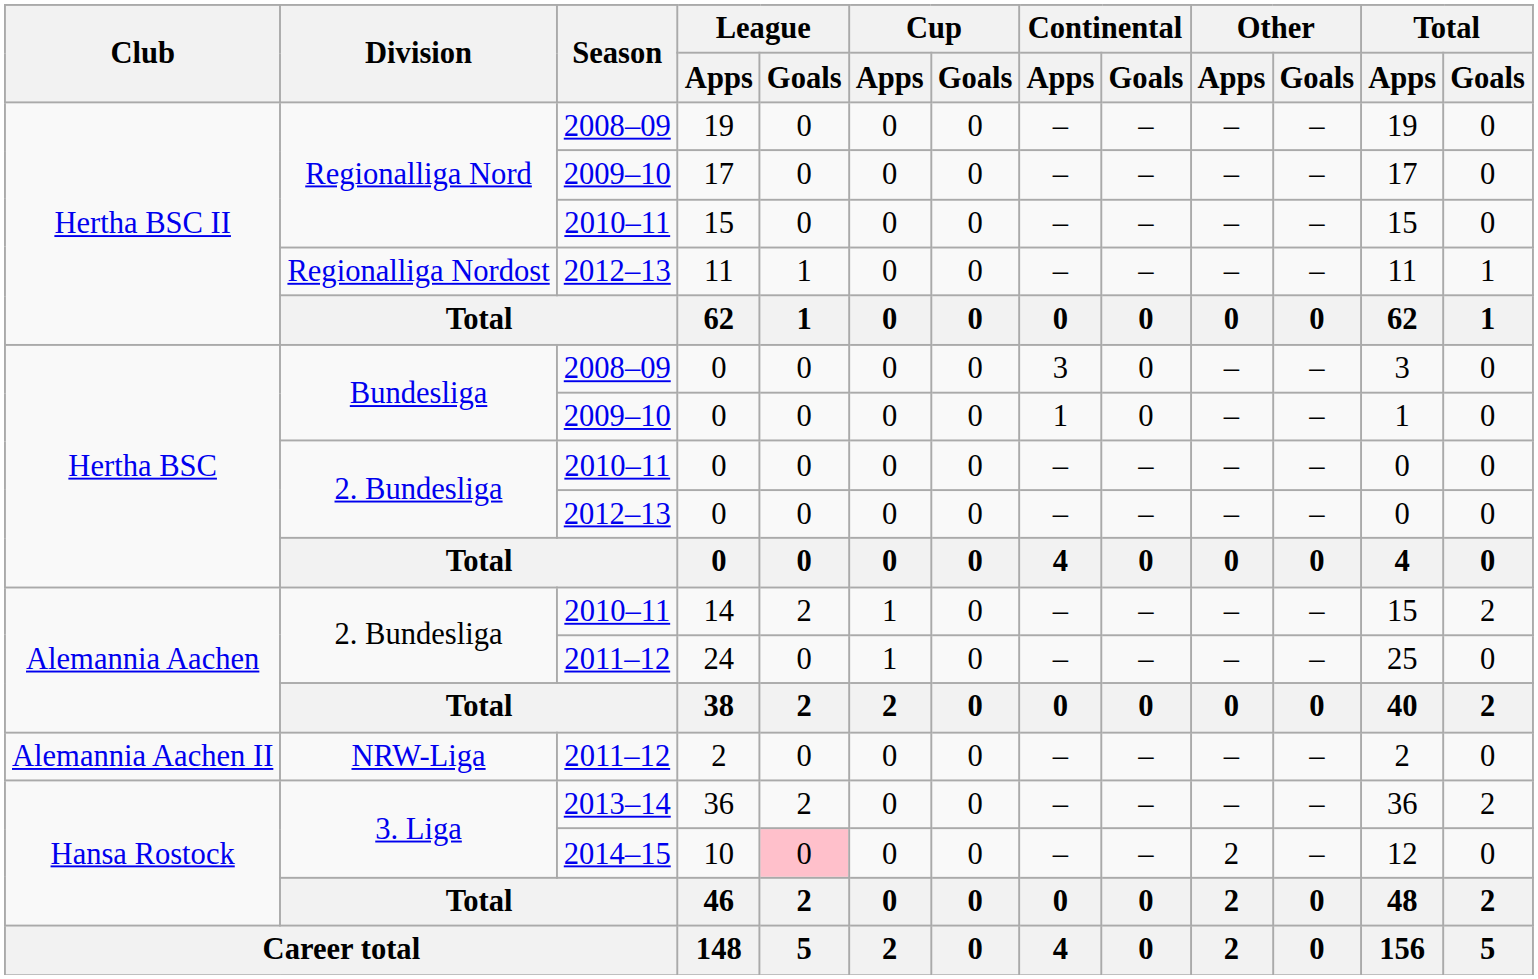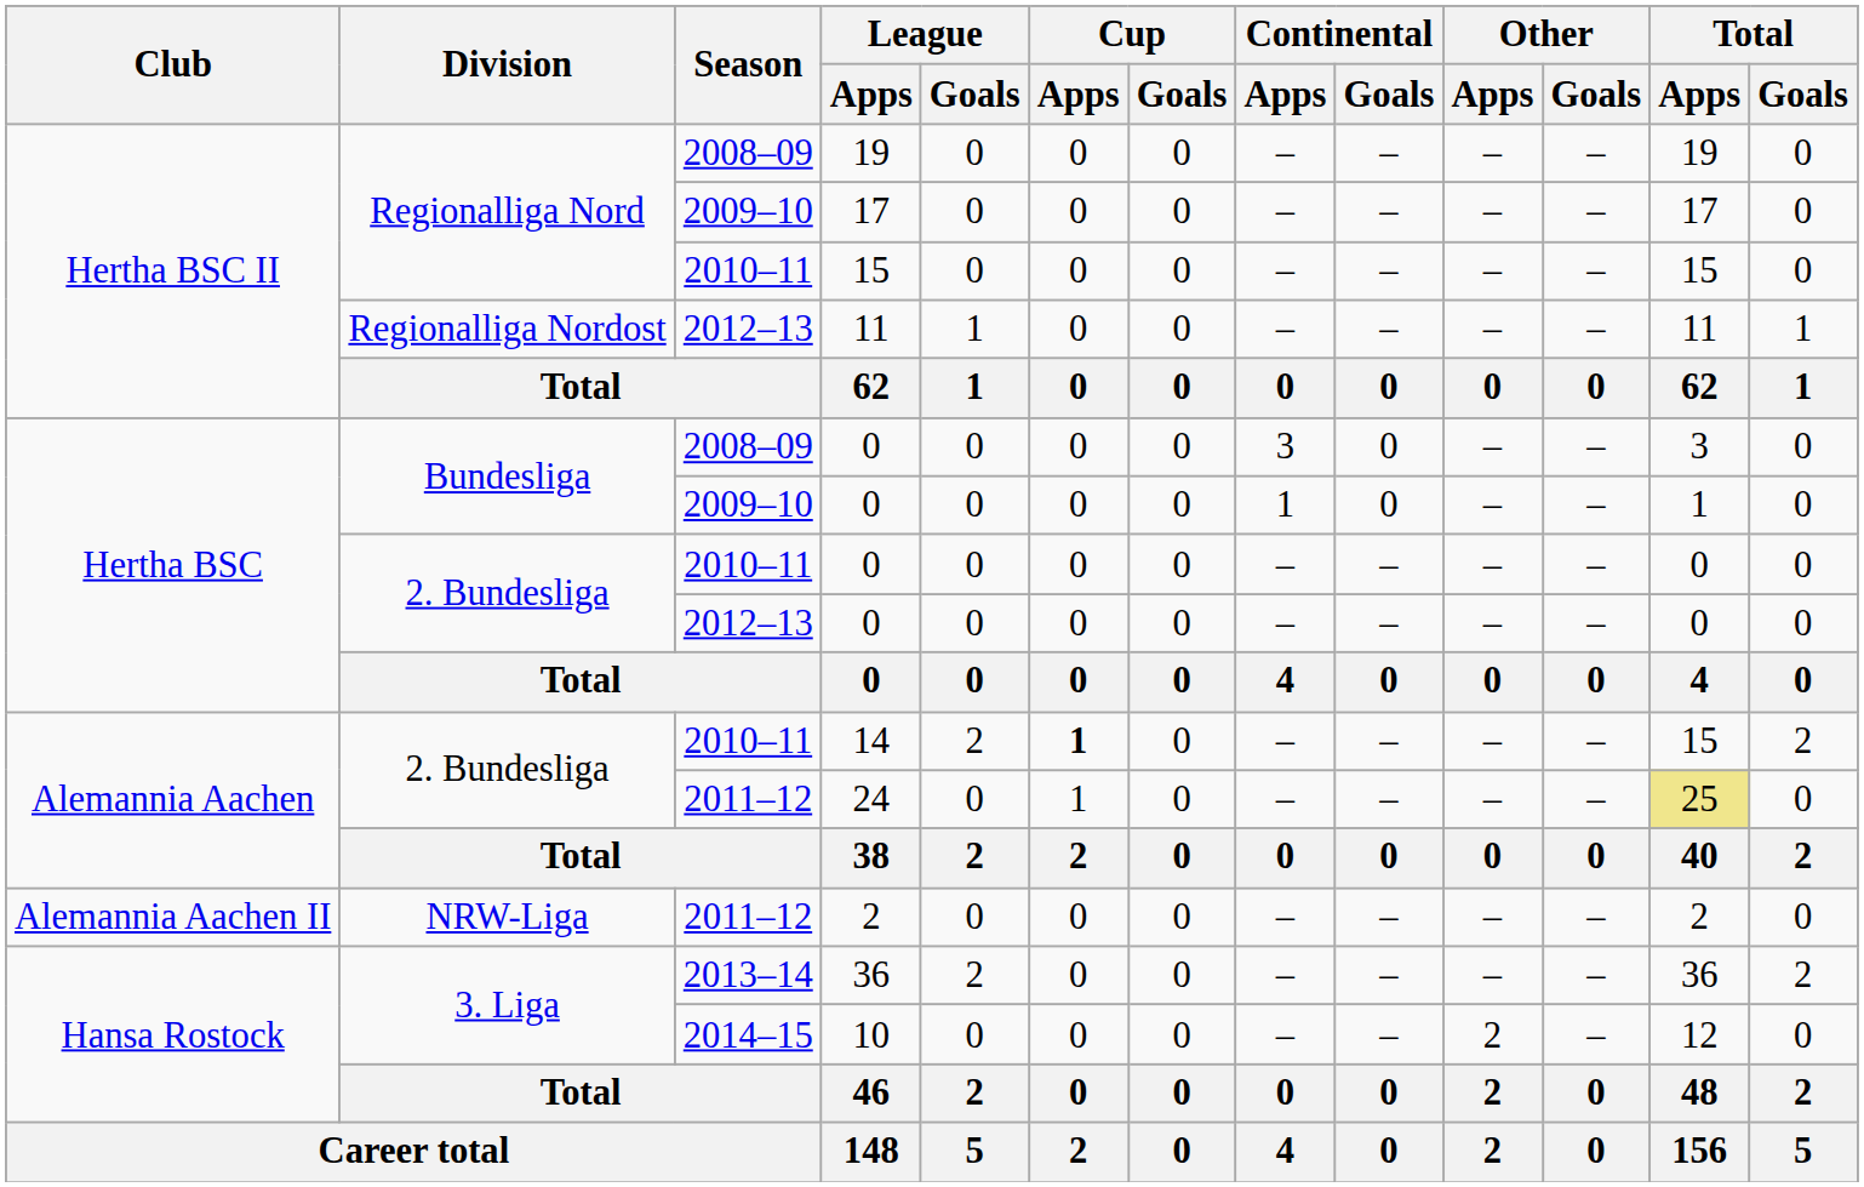 <table class="wikitable" style="text-align: center">
 <tr>
 <th rowspan="2">Club</th>
 <th rowspan="2">Division</th>
 <th rowspan="2">Season</th>
 <th colspan="2">League</th>
 <th colspan="2">Cup</th>
 <th colspan="2">Continental</th>
 <th colspan="2">Other</th>
 <th colspan="2">Total</th>
 </tr>
 <tr>
 <th>Apps</th>
 <th>Goals</th>
 <th>Apps</th>
 <th>Goals</th>
 <th>Apps</th>
 <th>Goals</th>
 <th>Apps</th>
 <th>Goals</th>
 <th>Apps</th>
 <th>Goals</th>
 </tr>
 <tr>
 <td rowspan="5"><a href='#'>Hertha BSC II</a></td>
 <td rowspan="3"><a href='#'>Regionalliga Nord</a></td>
 <td><a href='#'>2008–09</a></td>
 <td>19</td>
 <td>0</td>
 <td>0</td>
 <td>0</td>
 <td>–</td>
 <td>–</td>
 <td>–</td>
 <td>–</td>
 <td>19</td>
 <td>0</td>
 </tr>
 <tr>
 <td><a href='#'>2009–10</a></td>
 <td>17</td>
 <td>0</td>
 <td>0</td>
 <td>0</td>
 <td>–</td>
 <td>–</td>
 <td>–</td>
 <td>–</td>
 <td>17</td>
 <td>0</td>
 </tr>
 <tr>
 <td><a href='#'>2010–11</a></td>
 <td>15</td>
 <td>0</td>
 <td>0</td>
 <td>0</td>
 <td>–</td>
 <td>–</td>
 <td>–</td>
 <td>–</td>
 <td>15</td>
 <td>0</td>
 </tr>
 <tr>
 <td><a href='#'>Regionalliga Nordost</a></td>
 <td><a href='#'>2012–13</a></td>
 <td>11</td>
 <td>1</td>
 <td>0</td>
 <td>0</td>
 <td>–</td>
 <td>–</td>
 <td>–</td>
 <td>–</td>
 <td>11</td>
 <td>1</td>
 </tr>
 <tr>
 <th colspan="2">Total</th>
 <th>62</th>
 <th>1</th>
 <th>0</th>
 <th>0</th>
 <th>0</th>
 <th>0</th>
 <th>0</th>
 <th>0</th>
 <th>62</th>
 <th>1</th>
 </tr>
 <tr>
 <td rowspan="5"><a href='#'>Hertha BSC</a></td>
 <td rowspan="2"><a href='#'>Bundesliga</a></td>
 <td><a href='#'>2008–09</a></td>
 <td>0</td>
 <td>0</td>
 <td>0</td>
 <td>0</td>
 <td>3</td>
 <td>0</td>
 <td>–</td>
 <td>–</td>
 <td>3</td>
 <td>0</td>
 </tr>
 <tr>
 <td><a href='#'>2009–10</a></td>
 <td>0</td>
 <td>0</td>
 <td>0</td>
 <td>0</td>
 <td>1</td>
 <td>0</td>
 <td>–</td>
 <td>–</td>
 <td>1</td>
 <td>0</td>
 </tr>
 <tr>
 <td rowspan="2"><a href='#'>2. Bundesliga</a></td>
 <td><a href='#'>2010–11</a></td>
 <td>0</td>
 <td>0</td>
 <td>0</td>
 <td>0</td>
 <td>–</td>
 <td>–</td>
 <td>–</td>
 <td>–</td>
 <td>0</td>
 <td>0</td>
 </tr>
 <tr>
 <td><a href='#'>2012–13</a></td>
 <td>0</td>
 <td>0</td>
 <td>0</td>
 <td>0</td>
 <td>–</td>
 <td>–</td>
 <td>–</td>
 <td>–</td>
 <td>0</td>
 <td>0</td>
 </tr>
 <tr>
 <th colspan="2">Total</th>
 <th>0</th>
 <th>0</th>
 <th>0</th>
 <th>0</th>
 <th>4</th>
 <th>0</th>
 <th>0</th>
 <th>0</th>
 <th>4</th>
 <th>0</th>
 </tr>
 <tr>
 <td rowspan="3"><a href='#'>Alemannia Aachen</a></td>
 <td rowspan="2">2. Bundesliga</td>
 <td><a href='#'>2010–11</a></td>
 <td>14</td>
 <td>2</td>
-<td>1</td>
+<td><strong>1</strong></td>
 <td>0</td>
 <td>–</td>
 <td>–</td>
 <td>–</td>
 <td>–</td>
 <td>15</td>
 <td>2</td>
 </tr>
 <tr>
 <td><a href='#'>2011–12</a></td>
 <td>24</td>
 <td>0</td>
 <td>1</td>
 <td>0</td>
 <td>–</td>
 <td>–</td>
 <td>–</td>
 <td>–</td>
-<td>25</td>
+<td style="background: khaki;">25</td>
 <td>0</td>
 </tr>
 <tr>
 <th colspan="2">Total</th>
 <th>38</th>
 <th>2</th>
 <th>2</th>
 <th>0</th>
 <th>0</th>
 <th>0</th>
 <th>0</th>
 <th>0</th>
 <th>40</th>
 <th>2</th>
 </tr>
 <tr>
 <td><a href='#'>Alemannia Aachen II</a></td>
 <td><a href='#'>NRW-Liga</a></td>
 <td><a href='#'>2011–12</a></td>
 <td>2</td>
 <td>0</td>
 <td>0</td>
 <td>0</td>
 <td>–</td>
 <td>–</td>
 <td>–</td>
 <td>–</td>
 <td>2</td>
 <td>0</td>
 </tr>
 <tr>
 <td rowspan="3"><a href='#'>Hansa Rostock</a></td>
 <td rowspan="2"><a href='#'>3. Liga</a></td>
 <td><a href='#'>2013–14</a></td>
 <td>36</td>
 <td>2</td>
 <td>0</td>
 <td>0</td>
 <td>–</td>
 <td>–</td>
 <td>–</td>
 <td>–</td>
 <td>36</td>
 <td>2</td>
 </tr>
 <tr>
 <td><a href='#'>2014–15</a></td>
 <td>10</td>
-<td style="background: pink;">0</td>
+<td>0</td>
 <td>0</td>
 <td>0</td>
 <td>–</td>
 <td>–</td>
 <td>2</td>
 <td>–</td>
 <td>12</td>
 <td>0</td>
 </tr>
 <tr>
 <th colspan="2">Total</th>
 <th>46</th>
 <th>2</th>
 <th>0</th>
 <th>0</th>
 <th>0</th>
 <th>0</th>
 <th>2</th>
 <th>0</th>
 <th>48</th>
 <th>2</th>
 </tr>
 <tr>
 <th colspan="3">Career total</th>
 <th>148</th>
 <th>5</th>
 <th>2</th>
 <th>0</th>
 <th>4</th>
 <th>0</th>
 <th>2</th>
 <th>0</th>
 <th>156</th>
 <th>5</th>
 </tr>
 </table>
